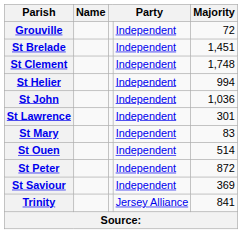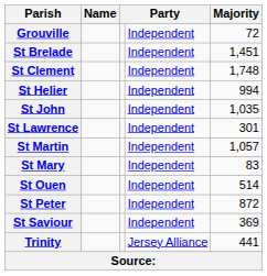 <table class="wikitable sortable"  id="connetables elected">
 <tr>
 <th>Parish</th>
 <th>Name</th>
 <th colspan="2">Party</th>
 <th>Majority</th>
 </tr>
 <tr>
 <th style="text-align:center;"><a href='#'>Grouville</a></th>
 <td></td>
 <td style="background-color: "></td>
 <td><a href='#'>Independent</a></td>
 <td style="text-align:right;">72</td>
 </tr>
 <tr>
 <th style="text-align:center;"><a href='#'>St Brelade</a></th>
 <td></td>
 <td style="background-color: "></td>
 <td><a href='#'>Independent</a></td>
 <td style="text-align:right;">1,451</td>
 </tr>
 <tr>
 <th style="text-align:center;"><a href='#'>St Clement</a></th>
 <td></td>
 <td style="background-color: "></td>
 <td><a href='#'>Independent</a></td>
 <td style="text-align:right;">1,748</td>
 </tr>
 <tr>
 <th style="text-align:center;"><a href='#'>St Helier</a></th>
 <td></td>
 <td style="background-color: "></td>
 <td><a href='#'>Independent</a></td>
 <td style="text-align:right;">994</td>
 </tr>
 <tr>
 <th style="text-align:center;"><a href='#'>St John</a></th>
 <td></td>
 <td style="background-color: "></td>
 <td><a href='#'>Independent</a></td>
-<td style="text-align:right;">1,036</td>
+<td style="text-align:right;">1,035</td>
 </tr>
 <tr>
 <th style="text-align:center;"><a href='#'>St  Lawrence</a></th>
 <td></td>
 <td style="background-color: "></td>
 <td><a href='#'>Independent</a></td>
 <td style="text-align:right;">301</td>
+</tr>
+<tr>
+<th style="text-align:center;"><a href='#'>St Martin</a></th>
+<td></td>
+<td style="background-color: "></td>
+<td><a href='#'>Independent</a></td>
+<td style="text-align:right;">1,057</td>
 </tr>
 <tr>
 <th style="text-align:center;"><a href='#'>St Mary</a></th>
 <td></td>
 <td style="background-color: "></td>
 <td><a href='#'>Independent</a></td>
 <td style="text-align:right;">83</td>
 </tr>
 <tr>
 <th style="text-align:center;"><a href='#'>St Ouen</a></th>
 <td></td>
 <td style="background-color: "></td>
 <td><a href='#'>Independent</a></td>
 <td style="text-align:right;">514</td>
 </tr>
 <tr>
 <th style="text-align:center;"><a href='#'>St Peter</a></th>
 <td></td>
 <td style="background-color: "></td>
 <td><a href='#'>Independent</a></td>
 <td style="text-align:right;">872</td>
 </tr>
 <tr>
 <th style="text-align:center;"><a href='#'>St Saviour</a></th>
 <td></td>
 <td style="background-color: "></td>
 <td><a href='#'>Independent</a></td>
 <td style="text-align:right;">369</td>
 </tr>
 <tr>
 <th style="text-align:center;"><a href='#'>Trinity</a></th>
 <td></td>
 <td style="background-color: "></td>
 <td><a href='#'>Jersey Alliance</a></td>
-<td style="text-align:right;">841</td>
+<td style="text-align:right;">441</td>
 </tr>
 <tr>
 <th colspan="5">Source:</th>
 </tr>
 </table>
